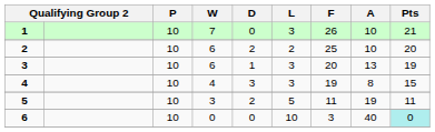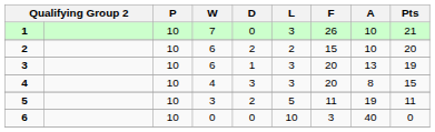 <table class="wikitable">
 <tr>
 <th colspan="2">Qualifying Group 2</th>
 <th rowspan="1" width="50">P</th>
 <th rowspan="1" width="50">W</th>
 <th colspan="1" width="50">D</th>
 <th colspan="1" width="50">L</th>
 <th colspan="1" width="50">F</th>
 <th colspan="1" width="50">A</th>
 <th colspan="1" width="50">Pts</th>
 </tr>
 <tr style="background:#ccffcc;" align=center>
 <td width="50"><strong>1</strong></td>
 <td align=left width="150"><strong></strong></td>
 <td>10</td>
 <td>7</td>
 <td>0</td>
 <td>3</td>
 <td>26</td>
 <td>10</td>
 <td>21</td>
 </tr>
 <tr>
 </tr>
 <tr align=center>
 <td><strong>2</strong></td>
 <td align=left></td>
 <td>10</td>
 <td>6</td>
 <td>2</td>
 <td>2</td>
-<td>25</td>
+<td>15</td>
 <td>10</td>
 <td>20</td>
 </tr>
 <tr>
 </tr>
 <tr align=center>
 <td><strong>3</strong></td>
 <td align=left></td>
 <td>10</td>
 <td>6</td>
 <td>1</td>
 <td>3</td>
 <td>20</td>
 <td>13</td>
 <td>19</td>
 </tr>
 <tr>
 </tr>
 <tr align=center>
 <td><strong>4</strong></td>
 <td align=left></td>
 <td>10</td>
 <td>4</td>
 <td>3</td>
 <td>3</td>
-<td>19</td>
+<td>20</td>
 <td>8</td>
 <td>15</td>
 </tr>
 <tr>
 </tr>
 <tr align=center>
 <td><strong>5</strong></td>
 <td align=left></td>
 <td>10</td>
 <td>3</td>
 <td>2</td>
 <td>5</td>
 <td>11</td>
 <td>19</td>
 <td>11</td>
 </tr>
 <tr>
 </tr>
 <tr align=center>
 <td><strong>6</strong></td>
 <td align=left></td>
 <td>10</td>
 <td>0</td>
 <td>0</td>
 <td>10</td>
 <td>3</td>
 <td>40</td>
-<td style="background: paleturquoise;">0</td>
+<td>0</td>
 </tr>
 <tr>
 </tr>
 </table>
